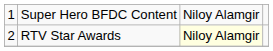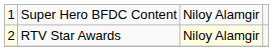 <table class="wikitable">
 <tr>
 <td>1</td>
 <td>Super Hero BFDC Content</td>
 <td>Niloy Alamgir</td>
 <td 2009></td>
 </tr>
 <tr>
-<td>2</td>
+<td style="background: lightyellow;">2</td>
 <td>RTV Star Awards</td>
 <td style="background: lightyellow;">Niloy Alamgir</td>
 <td 2020></td>
 </tr>
 <tr>
 </tr>
 </table>
